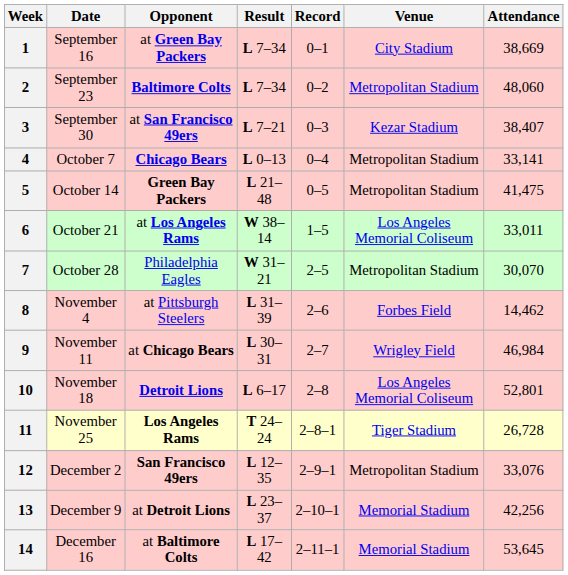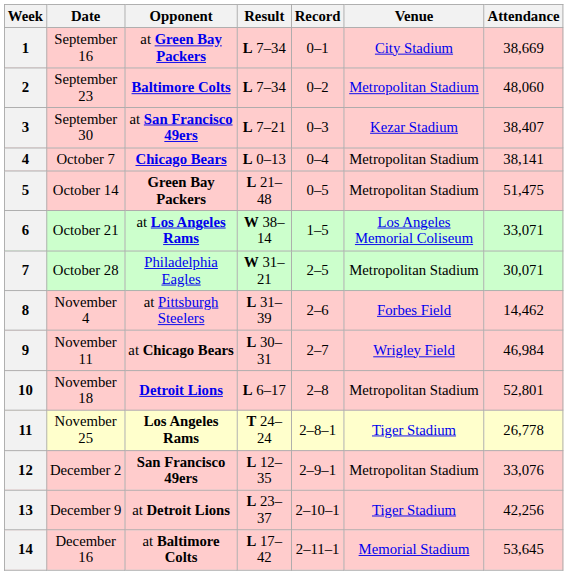 <table class="wikitable" style="text-align:center">
 <tr>
 <th>Week</th>
 <th>Date</th>
 <th>Opponent</th>
 <th>Result</th>
 <th>Record</th>
 <th>Venue</th>
 <th>Attendance</th>
 </tr>
 <tr style="background:#fcc">
 <th>1</th>
 <td>September 16</td>
 <td>at <strong><a href='#'>Green Bay Packers</a></strong></td>
 <td><strong>L</strong> 7–34</td>
 <td>0–1</td>
 <td><a href='#'>City Stadium</a></td>
 <td>38,669</td>
 </tr>
 <tr style="background:#fcc">
 <th>2</th>
 <td>September 23</td>
 <td><strong><a href='#'>Baltimore Colts</a></strong></td>
 <td><strong>L</strong> 7–34</td>
 <td>0–2</td>
 <td><a href='#'>Metropolitan Stadium</a></td>
 <td>48,060</td>
 </tr>
 <tr style="background:#fcc">
 <th>3</th>
 <td>September 30</td>
 <td>at <strong><a href='#'>San Francisco 49ers</a></strong></td>
 <td><strong>L</strong> 7–21</td>
 <td>0–3</td>
 <td><a href='#'>Kezar Stadium</a></td>
 <td>38,407</td>
 </tr>
 <tr style="background:#fcc">
 <th>4</th>
 <td>October 7</td>
 <td><strong><a href='#'>Chicago Bears</a></strong></td>
 <td><strong>L</strong> 0–13</td>
 <td>0–4</td>
 <td>Metropolitan Stadium</td>
-<td>33,141</td>
+<td>38,141</td>
 </tr>
 <tr style="background:#fcc">
 <th>5</th>
 <td>October 14</td>
 <td><strong>Green Bay Packers</strong></td>
 <td><strong>L</strong> 21–48</td>
 <td>0–5</td>
 <td>Metropolitan Stadium</td>
-<td>41,475</td>
+<td>51,475</td>
 </tr>
 <tr style="background:#cfc">
 <th>6</th>
 <td>October 21</td>
 <td>at <strong><a href='#'>Los Angeles Rams</a></strong></td>
 <td><strong>W</strong> 38–14</td>
 <td>1–5</td>
 <td><a href='#'>Los Angeles Memorial Coliseum</a></td>
-<td>33,011</td>
+<td>33,071</td>
 </tr>
 <tr style="background:#cfc">
 <th>7</th>
 <td>October 28</td>
 <td><a href='#'>Philadelphia Eagles</a></td>
 <td><strong>W</strong> 31–21</td>
 <td>2–5</td>
 <td>Metropolitan Stadium</td>
-<td>30,070</td>
+<td>30,071</td>
 </tr>
 <tr style="background:#fcc">
 <th>8</th>
 <td>November 4</td>
 <td>at <a href='#'>Pittsburgh Steelers</a></td>
 <td><strong>L</strong> 31–39</td>
 <td>2–6</td>
 <td><a href='#'>Forbes Field</a></td>
 <td>14,462</td>
 </tr>
 <tr style="background:#fcc">
 <th>9</th>
 <td>November 11</td>
 <td>at <strong>Chicago Bears</strong></td>
 <td><strong>L</strong> 30–31</td>
 <td>2–7</td>
 <td><a href='#'>Wrigley Field</a></td>
 <td>46,984</td>
 </tr>
 <tr style="background:#fcc">
 <th>10</th>
 <td>November 18</td>
 <td><strong><a href='#'>Detroit Lions</a></strong></td>
 <td><strong>L</strong> 6–17</td>
 <td>2–8</td>
-<td><a href='#'>Los Angeles Memorial Coliseum</a></td>
+<td>Metropolitan Stadium</td>
 <td>52,801</td>
 </tr>
 <tr style="background:#ffc">
 <th>11</th>
 <td>November 25</td>
 <td><strong>Los Angeles Rams</strong></td>
 <td><strong>T</strong> 24–24</td>
 <td>2–8–1</td>
 <td><a href='#'>Tiger Stadium</a></td>
-<td>26,728</td>
+<td>26,778</td>
 </tr>
 <tr style="background:#fcc">
 <th>12</th>
 <td>December 2</td>
 <td><strong>San Francisco 49ers</strong></td>
 <td><strong>L</strong> 12–35</td>
 <td>2–9–1</td>
 <td>Metropolitan Stadium</td>
 <td>33,076</td>
 </tr>
 <tr style="background:#fcc">
 <th>13</th>
 <td>December 9</td>
 <td>at <strong>Detroit Lions</strong></td>
 <td><strong>L</strong> 23–37</td>
 <td>2–10–1</td>
-<td><a href='#'>Memorial Stadium</a></td>
+<td><a href='#'>Tiger Stadium</a></td>
 <td>42,256</td>
 </tr>
 <tr style="background:#fcc">
 <th>14</th>
 <td>December 16</td>
 <td>at <strong>Baltimore Colts</strong></td>
 <td><strong>L</strong> 17–42</td>
 <td>2–11–1</td>
 <td><a href='#'>Memorial Stadium</a></td>
 <td>53,645</td>
 </tr>
 </table>
